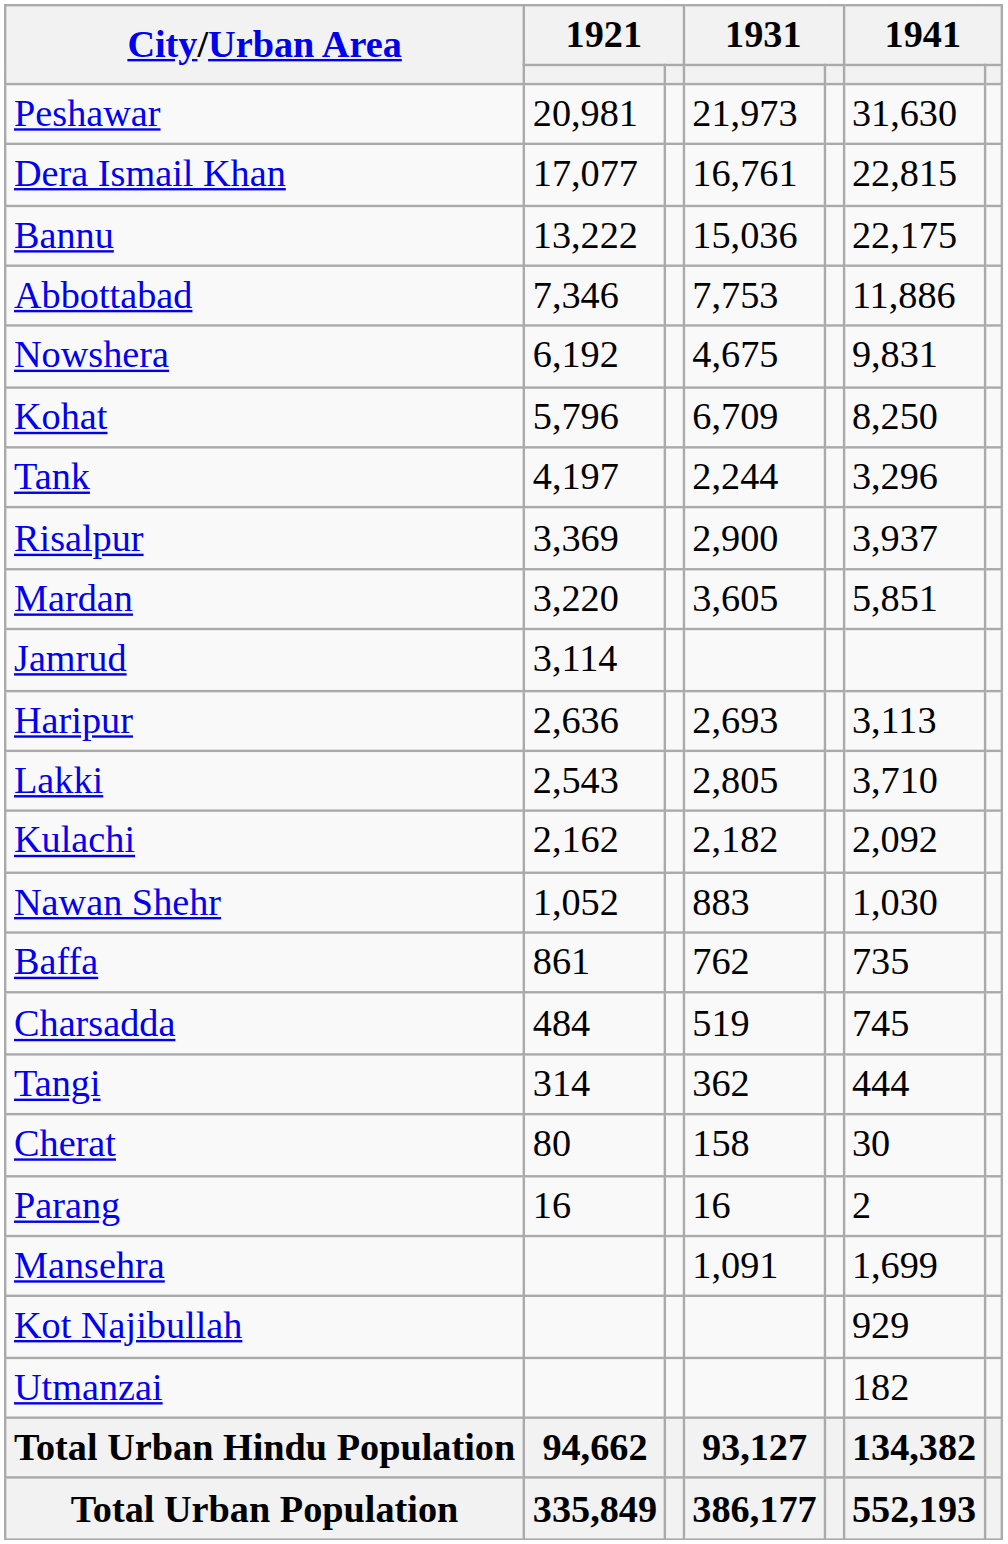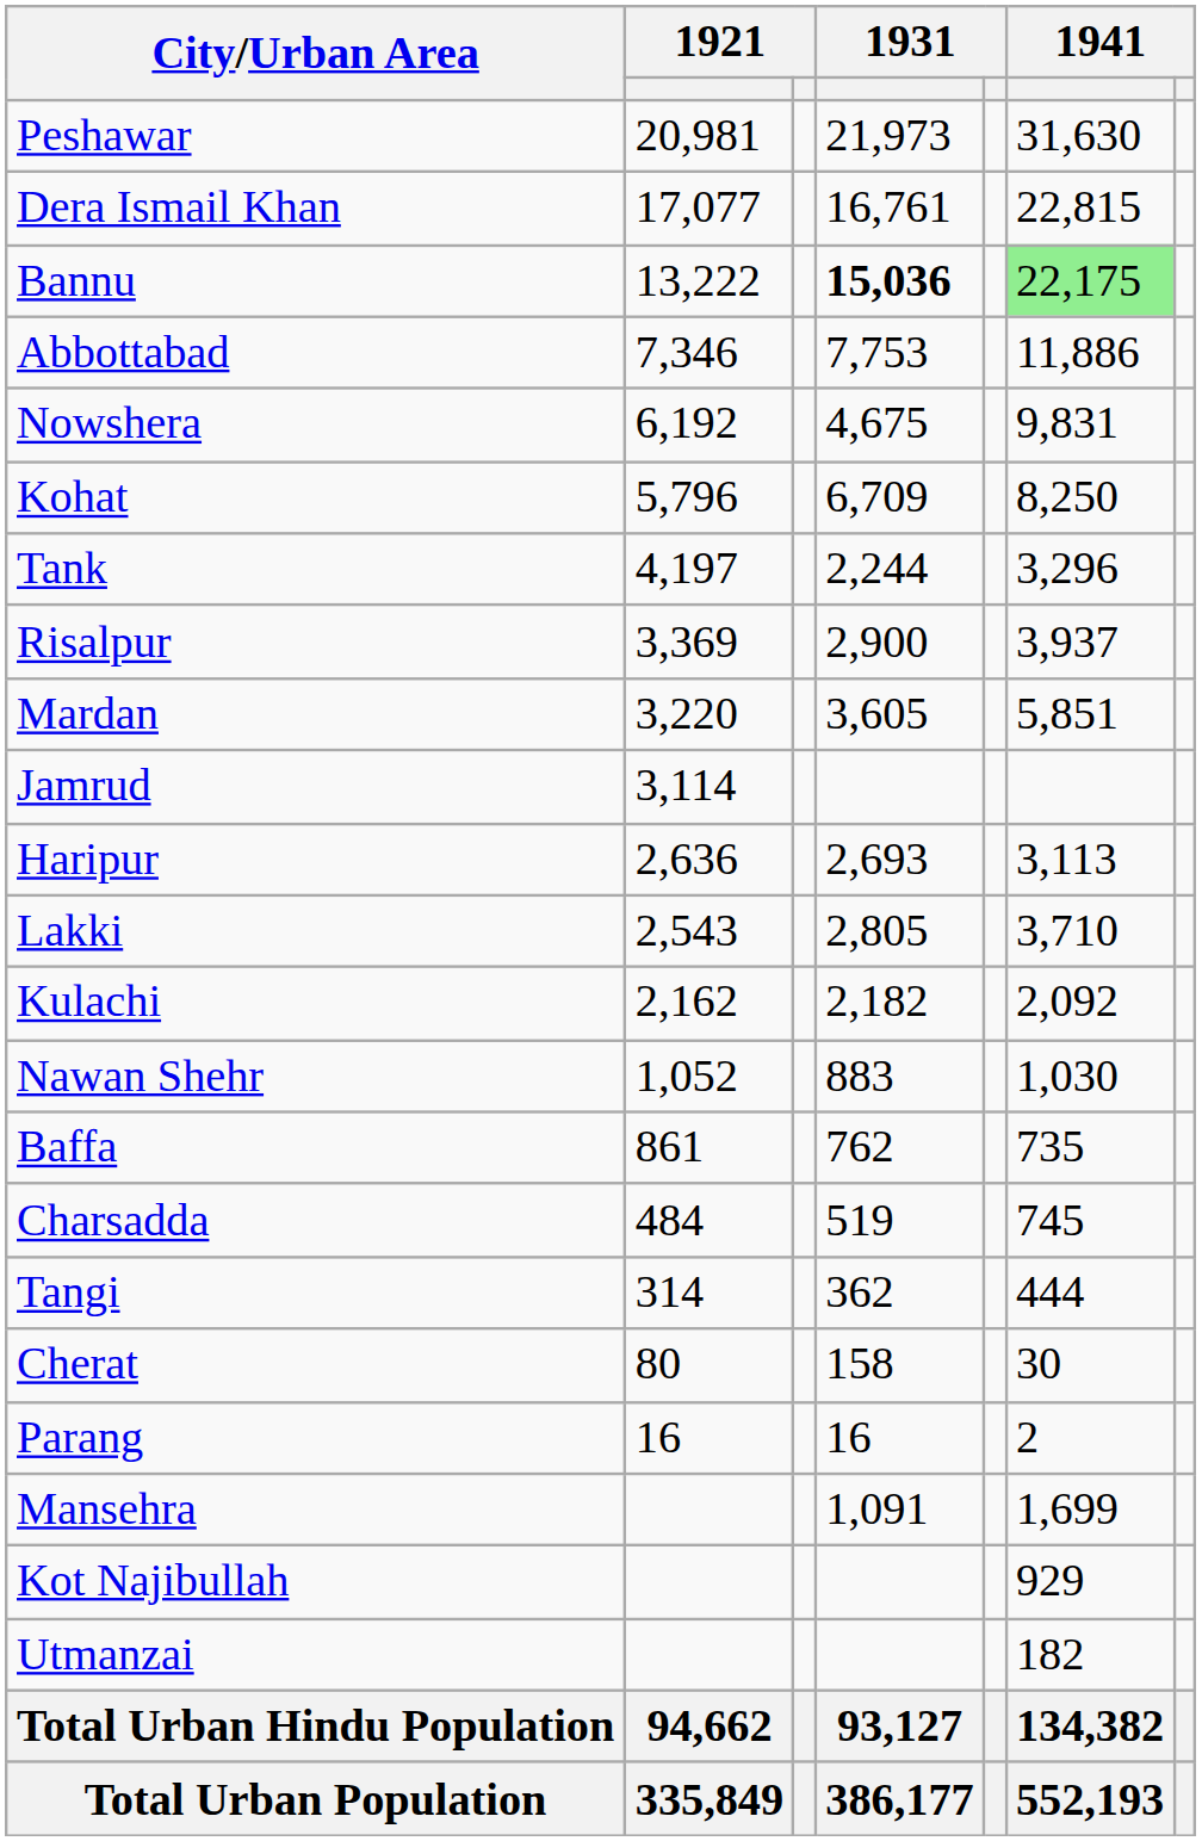 <table class="wikitable sortable">
 <tr>
 <th rowspan="2"><a href='#'>City</a>/<a href='#'>Urban Area</a></th>
 <th colspan="2">1921</th>
 <th colspan="2">1931</th>
 <th colspan="2">1941</th>
 </tr>
 <tr>
 <th><a href='#'></a></th>
 <th></th>
 <th></th>
 <th></th>
 <th></th>
 <th></th>
 </tr>
 <tr>
 <td><a href='#'>Peshawar</a></td>
 <td>20,981</td>
 <td></td>
 <td>21,973</td>
 <td></td>
 <td>31,630</td>
 <td></td>
 </tr>
 <tr>
 <td><a href='#'>Dera Ismail Khan</a></td>
 <td>17,077</td>
 <td></td>
 <td>16,761</td>
 <td></td>
 <td>22,815</td>
 <td></td>
 </tr>
 <tr>
 <td><a href='#'>Bannu</a></td>
 <td>13,222</td>
 <td></td>
-<td>15,036</td>
+<td><strong>15,036</strong></td>
 <td></td>
-<td>22,175</td>
+<td style="background: lightgreen;">22,175</td>
 <td></td>
 </tr>
 <tr>
 <td><a href='#'>Abbottabad</a></td>
 <td>7,346</td>
 <td></td>
 <td>7,753</td>
 <td></td>
 <td>11,886</td>
 <td></td>
 </tr>
 <tr>
 <td><a href='#'>Nowshera</a></td>
 <td>6,192</td>
 <td></td>
 <td>4,675</td>
 <td></td>
 <td>9,831</td>
 <td></td>
 </tr>
 <tr>
 <td><a href='#'>Kohat</a></td>
 <td>5,796</td>
 <td></td>
 <td>6,709</td>
 <td></td>
 <td>8,250</td>
 <td></td>
 </tr>
 <tr>
 <td><a href='#'>Tank</a></td>
 <td>4,197</td>
 <td></td>
 <td>2,244</td>
 <td></td>
 <td>3,296</td>
 <td></td>
 </tr>
 <tr>
 <td><a href='#'>Risalpur</a></td>
 <td>3,369</td>
 <td></td>
 <td>2,900</td>
 <td></td>
 <td>3,937</td>
 <td></td>
 </tr>
 <tr>
 <td><a href='#'>Mardan</a></td>
 <td>3,220</td>
 <td></td>
 <td>3,605</td>
 <td></td>
 <td>5,851</td>
 <td></td>
 </tr>
 <tr>
 <td><a href='#'>Jamrud</a></td>
 <td>3,114</td>
 <td></td>
 <td></td>
 <td></td>
 <td></td>
 <td></td>
 </tr>
 <tr>
 <td><a href='#'>Haripur</a></td>
 <td>2,636</td>
 <td></td>
 <td>2,693</td>
 <td></td>
 <td>3,113</td>
 <td></td>
 </tr>
 <tr>
 <td><a href='#'>Lakki</a></td>
 <td>2,543</td>
 <td></td>
 <td>2,805</td>
 <td></td>
 <td>3,710</td>
 <td></td>
 </tr>
 <tr>
 <td><a href='#'>Kulachi</a></td>
 <td>2,162</td>
 <td></td>
 <td>2,182</td>
 <td></td>
 <td>2,092</td>
 <td></td>
 </tr>
 <tr>
 <td><a href='#'>Nawan Shehr</a></td>
 <td>1,052</td>
 <td></td>
 <td>883</td>
 <td></td>
 <td>1,030</td>
 <td></td>
 </tr>
 <tr>
 <td><a href='#'>Baffa</a></td>
 <td>861</td>
 <td></td>
 <td>762</td>
 <td></td>
 <td>735</td>
 <td></td>
 </tr>
 <tr>
 <td><a href='#'>Charsadda</a></td>
 <td>484</td>
 <td></td>
 <td>519</td>
 <td></td>
 <td>745</td>
 <td></td>
 </tr>
 <tr>
 <td><a href='#'>Tangi</a></td>
 <td>314</td>
 <td></td>
 <td>362</td>
 <td></td>
 <td>444</td>
 <td></td>
 </tr>
 <tr>
 <td><a href='#'>Cherat</a></td>
 <td>80</td>
 <td></td>
 <td>158</td>
 <td></td>
 <td>30</td>
 <td></td>
 </tr>
 <tr>
 <td><a href='#'>Parang</a></td>
 <td>16</td>
 <td></td>
 <td>16</td>
 <td></td>
 <td>2</td>
 <td></td>
 </tr>
 <tr>
 <td><a href='#'>Mansehra</a></td>
 <td></td>
 <td></td>
 <td>1,091</td>
 <td></td>
 <td>1,699</td>
 <td></td>
 </tr>
 <tr>
 <td><a href='#'>Kot Najibullah</a></td>
 <td></td>
 <td></td>
 <td></td>
 <td></td>
 <td>929</td>
 <td></td>
 </tr>
 <tr>
 <td><a href='#'>Utmanzai</a></td>
 <td></td>
 <td></td>
 <td></td>
 <td></td>
 <td>182</td>
 <td></td>
 </tr>
 <tr>
 <th>Total Urban Hindu Population</th>
 <th>94,662</th>
 <th></th>
 <th>93,127</th>
 <th></th>
 <th>134,382</th>
 <th></th>
 </tr>
 <tr>
 <th>Total Urban Population</th>
 <th>335,849</th>
 <th></th>
 <th>386,177</th>
 <th></th>
 <th>552,193</th>
 <th></th>
 </tr>
 </table>
